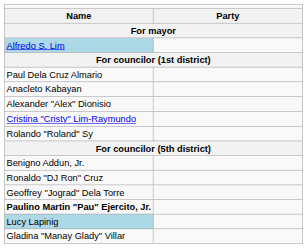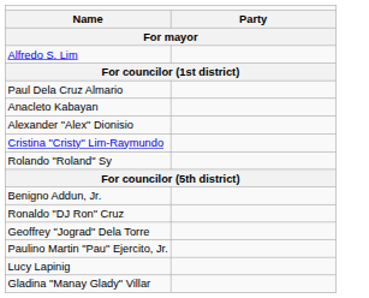 <table class=wikitable style="font-size:95%">
 <tr>
 <td colspan=4 bgcolor=></td>
 </tr>
 <tr>
 <th width=50%>Name</th>
 <th colspan=2>Party</th>
 </tr>
 <tr>
 <th colspan=3>For mayor</th>
 </tr>
 <tr>
-<td style="background: lightblue;"><a href='#'>Alfredo S. Lim</a></td>
+<td><a href='#'>Alfredo S. Lim</a></td>
 <td></td>
 </tr>
 <tr>
 <th colspan=3>For councilor (1st district)</th>
 </tr>
 <tr>
 <td>Paul Dela Cruz Almario</td>
 <td></td>
 </tr>
 <tr>
 <td>Anacleto Kabayan</td>
 <td></td>
 </tr>
 <tr>
 <td>Alexander "Alex" Dionisio</td>
 <td></td>
 </tr>
 <tr>
 <td><a href='#'>Cristina "Cristy" Lim-Raymundo</a></td>
 <td></td>
 </tr>
 <tr>
 <td>Rolando "Roland" Sy</td>
 <td></td>
 </tr>
 <tr>
 <th colspan=3>For councilor (5th district)</th>
 </tr>
 <tr>
 <td>Benigno Addun, Jr.</td>
 <td></td>
 </tr>
 <tr>
 <td>Ronaldo "DJ Ron" Cruz</td>
 <td></td>
 </tr>
 <tr>
 <td>Geoffrey "Jograd" Dela Torre</td>
 <td></td>
 </tr>
 <tr>
-<td><strong>Paulino Martin "Pau" Ejercito, Jr.</strong></td>
+<td>Paulino Martin "Pau" Ejercito, Jr.</td>
 <td></td>
 </tr>
 <tr>
-<td style="background: lightblue;">Lucy Lapinig</td>
+<td>Lucy Lapinig</td>
 <td></td>
 </tr>
 <tr>
 <td>Gladina "Manay Glady" Villar</td>
 <td></td>
 </tr>
 </table>
